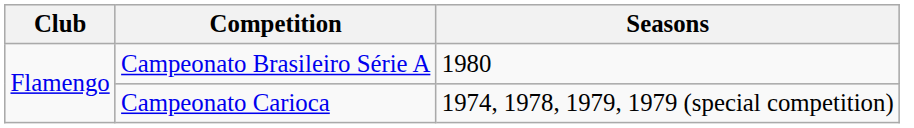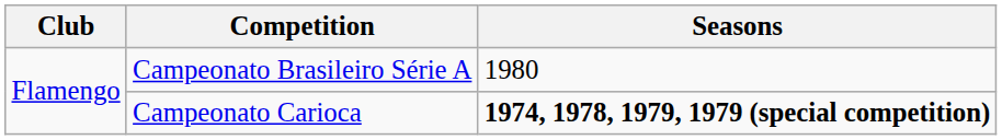 <table class="wikitable sortable">
 <tr>
 <th>Club</th>
 <th>Competition</th>
 <th>Seasons</th>
 </tr>
 <tr>
 <td rowspan=2><a href='#'>Flamengo</a></td>
 <td><a href='#'>Campeonato Brasileiro Série A</a></td>
 <td>1980</td>
 </tr>
 <tr>
 <td><a href='#'>Campeonato Carioca</a></td>
-<td>1974, 1978, 1979, 1979 (special competition)</td>
+<td><strong>1974, 1978, 1979, 1979 (special competition)</strong></td>
 </tr>
 </table>
